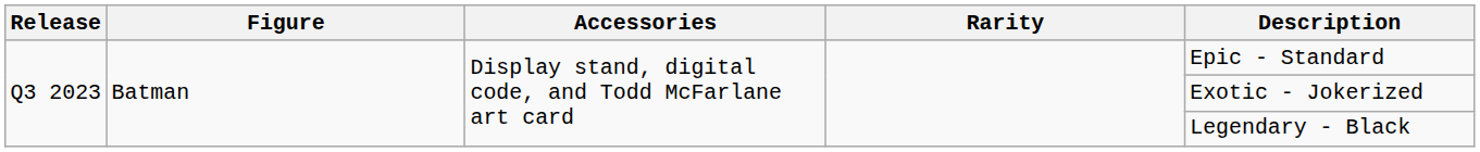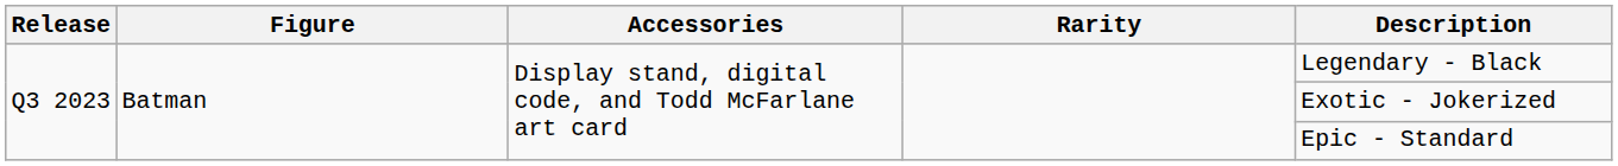 <table class="wikitable" style="width:100%;">
 <tr>
 <th width=5%!scope="col">Release</th>
 <th width=25%!scope="col">Figure</th>
 <th width=25%!scope="col">Accessories</th>
 <th width=25%!scope="col">Rarity</th>
 <th width=35%!scope="col">Description</th>
 </tr>
 <tr>
 <td rowspan=3>Q3 2023</td>
 <td rowspan=3>Batman</td>
 <td rowspan=3>Display stand, digital code, and Todd McFarlane art card</td>
 <td rowspan=3></td>
-<td>Epic - Standard</td>
+<td>Legendary - Black</td>
 </tr>
 <tr>
 <td>Exotic - Jokerized</td>
 </tr>
 <tr>
-<td>Legendary - Black</td>
+<td>Epic - Standard</td>
 </tr>
 </table>
